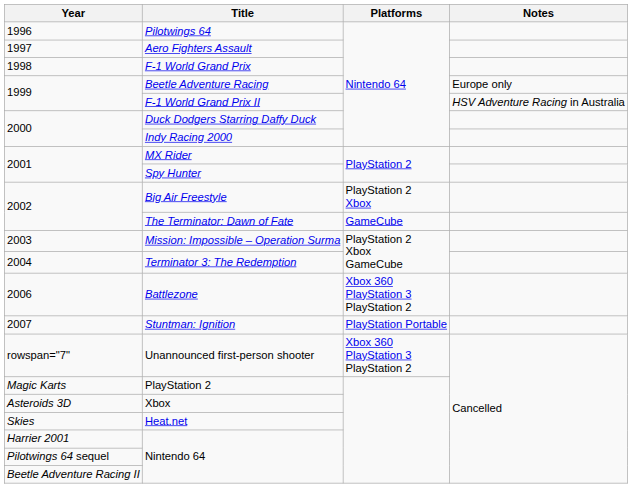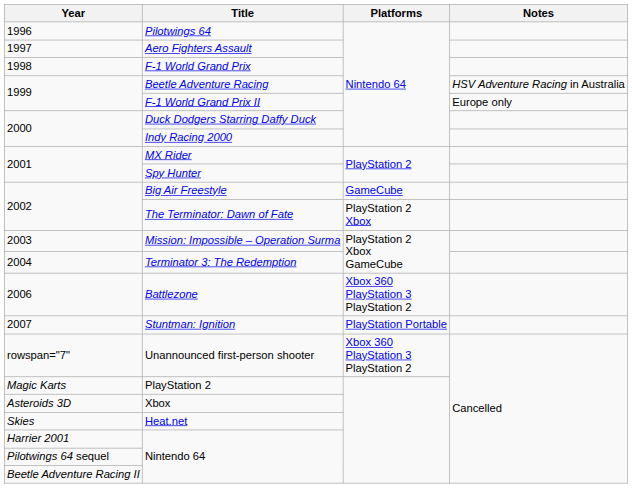 <table class="wikitable sortable">
 <tr>
 <th>Year</th>
 <th>Title</th>
 <th>Platforms</th>
 <th>Notes</th>
 </tr>
 <tr>
 <td>1996</td>
 <td><em><a href='#'>Pilotwings 64</a></em></td>
 <td rowspan="7"><a href='#'>Nintendo 64</a></td>
 <td></td>
 </tr>
 <tr>
 <td>1997</td>
 <td><em><a href='#'>Aero Fighters Assault</a></em></td>
 <td></td>
 </tr>
 <tr>
 <td>1998</td>
 <td><em><a href='#'>F-1 World Grand Prix</a></em></td>
 <td></td>
 </tr>
 <tr>
 <td rowspan="2">1999</td>
 <td><em><a href='#'>Beetle Adventure Racing</a></em></td>
-<td>Europe only</td>
+<td><em>HSV Adventure Racing</em> in Australia</td>
 </tr>
 <tr>
 <td><em><a href='#'>F-1 World Grand Prix II</a></em></td>
-<td><em>HSV Adventure Racing</em> in Australia</td>
+<td>Europe only</td>
 </tr>
 <tr>
 <td rowspan="2">2000</td>
 <td><em><a href='#'>Duck Dodgers Starring Daffy Duck</a></em></td>
 <td></td>
 </tr>
 <tr>
 <td><em><a href='#'>Indy Racing 2000</a></em></td>
 <td></td>
 </tr>
 <tr>
 <td rowspan="2">2001</td>
 <td><em><a href='#'>MX Rider</a></em></td>
 <td rowspan="2"><a href='#'>PlayStation 2</a></td>
 <td></td>
 </tr>
 <tr>
 <td><em><a href='#'>Spy Hunter</a></em></td>
 <td></td>
 </tr>
 <tr>
 <td rowspan="2">2002</td>
 <td><em><a href='#'>Big Air Freestyle</a></em></td>
-<td>PlayStation 2<br><a href='#'>Xbox</a></td>
+<td><a href='#'>GameCube</a></td>
 <td></td>
 </tr>
 <tr>
 <td><em><a href='#'>The Terminator: Dawn of Fate</a></em></td>
-<td><a href='#'>GameCube</a></td>
+<td>PlayStation 2<br><a href='#'>Xbox</a></td>
 <td></td>
 </tr>
 <tr>
 <td>2003</td>
 <td><em><a href='#'>Mission: Impossible – Operation Surma</a></em></td>
 <td rowspan="2">PlayStation 2<br>Xbox<br>GameCube</td>
 <td></td>
 </tr>
 <tr>
 <td>2004</td>
 <td><em><a href='#'>Terminator 3: The Redemption</a></em></td>
 <td></td>
 </tr>
 <tr>
 <td>2006</td>
 <td><em><a href='#'>Battlezone</a></em></td>
 <td><a href='#'>Xbox 360</a><br><a href='#'>PlayStation 3</a><br>PlayStation 2</td>
 <td></td>
 </tr>
 <tr>
 <td>2007</td>
 <td><em><a href='#'>Stuntman: Ignition</a></em></td>
 <td><a href='#'>PlayStation Portable</a></td>
 <td></td>
 </tr>
 <tr>
 <td>rowspan="7" </td>
 <td>Unannounced first-person shooter</td>
 <td><a href='#'>Xbox 360</a><br><a href='#'>PlayStation 3</a><br>PlayStation 2</td>
 <td rowspan="7">Cancelled</td>
 </tr>
 <tr>
 <td><em>Magic Karts</em></td>
 <td>PlayStation 2</td>
 </tr>
 <tr>
 <td><em>Asteroids 3D</em></td>
 <td>Xbox</td>
 </tr>
 <tr>
 <td><em>Skies</em></td>
 <td><a href='#'>Heat.net</a></td>
 </tr>
 <tr>
 <td><em>Harrier 2001</em></td>
 <td rowspan="3">Nintendo 64</td>
 </tr>
 <tr>
 <td><em>Pilotwings 64</em> sequel</td>
 </tr>
 <tr>
 <td><em>Beetle Adventure Racing II</em></td>
 </tr>
 </table>
